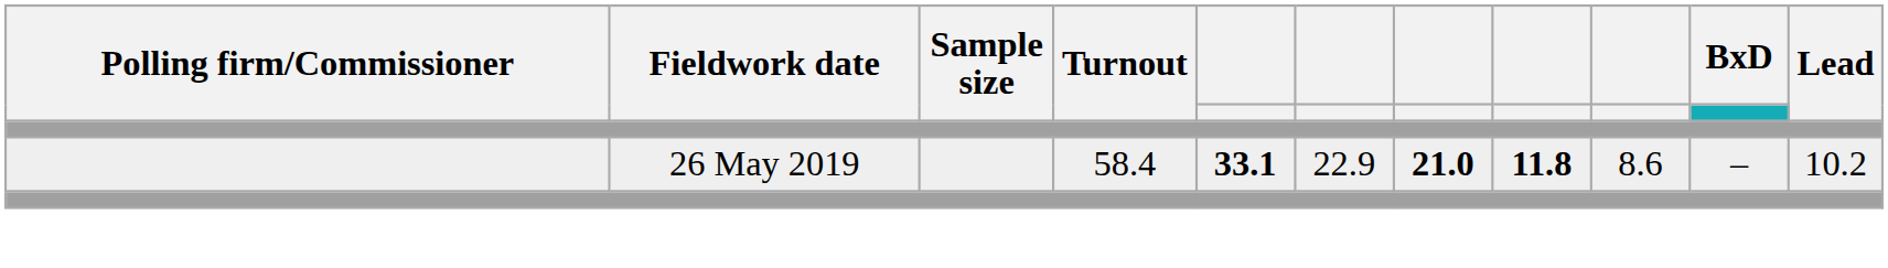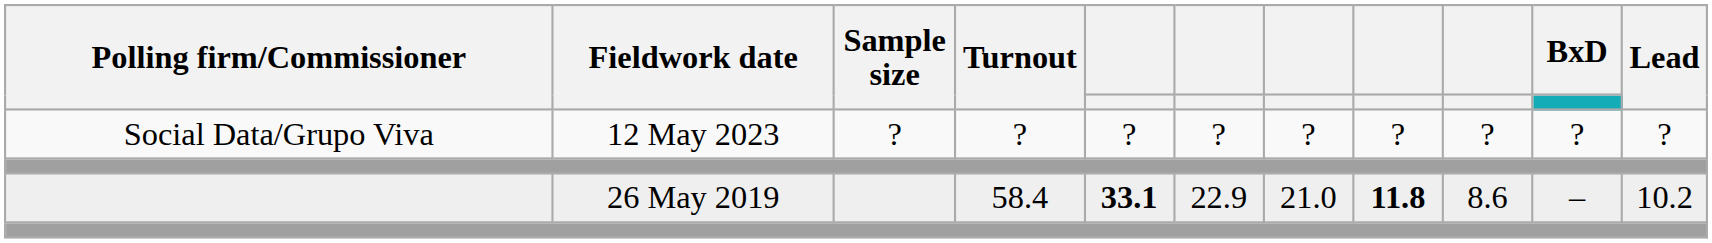 <table class="wikitable collapsible collapsed" style="text-align:center; font-size:95%; line-height:16px;">
 <tr style="height:42px;">
 <th style="width:250px;" rowspan="2">Polling firm/Commissioner</th>
 <th style="width:125px;" rowspan="2">Fieldwork date</th>
 <th style="width:50px;" rowspan="2">Sample size</th>
 <th style="width:45px;" rowspan="2">Turnout</th>
 <th style="width:35px;"></th>
 <th style="width:35px;"></th>
 <th style="width:35px;"></th>
 <th style="width:35px;"></th>
 <th style="width:35px;"></th>
 <th style="width:35px;">BxD</th>
 <th style="width:30px;" rowspan="2">Lead</th>
 </tr>
 <tr>
 <th style="color:inherit;background:"></th>
 <th style="color:inherit;background:"></th>
 <th style="color:inherit;background:"></th>
 <th style="color:inherit;background:"></th>
 <th style="color:inherit;background:"></th>
 <th style="color:inherit;background:#14ACB7;"></th>
 </tr>
 <tr>
+<td>Social Data/Grupo Viva</td>
+<td>12 May 2023</td>
+<td>?</td>
+<td>?</td>
+<td>?<br></td>
+<td>?<br></td>
+<td>?<br></td>
+<td>?<br></td>
+<td>?<br></td>
+<td>?<br></td>
+<td style="background:">?</td>
+</tr>
+<tr>
 <td colspan="11" style="background:#A0A0A0"></td>
 </tr>
 <tr style="background:#EFEFEF;">
 <td><strong></strong></td>
 <td>26 May 2019</td>
 <td></td>
 <td>58.4</td>
 <td><strong>33.1</strong><br></td>
 <td>22.9<br></td>
-<td><strong>21.0<br></strong></td>
+<td>21.0<br></td>
 <td><strong>11.8<br></strong></td>
 <td>8.6<br></td>
 <td>–</td>
 <td style="background:">10.2</td>
 </tr>
 <tr>
 <td colspan="11" style="background:#A0A0A0"></td>
 </tr>
 </table>
